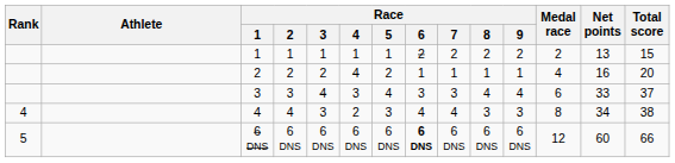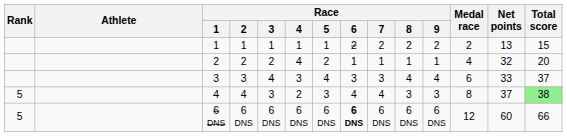 <table | class="wikitable Sortable" style="text-align:center">
 <tr>
 <th rowspan="2" width=40>Rank</th>
 <th rowspan="2" width=250>Athlete</th>
 <th colspan="9">Race</th>
 <th rowspan="2" width=50>Medal race</th>
 <th rowspan="2" width=50>Net points</th>
 <th rowspan="2" width=50>Total score</th>
 </tr>
 <tr>
 <th width=35>1</th>
 <th width=35>2</th>
 <th width=35>3</th>
 <th width=35>4</th>
 <th width=35>5</th>
 <th width=35>6</th>
 <th width=35>7</th>
 <th width=35>8</th>
 <th width=35>9</th>
 </tr>
 <tr>
 <td></td>
 <td align=left></td>
 <td>1</td>
 <td>1</td>
 <td>1</td>
 <td>1</td>
 <td>1</td>
 <td><s>2</s></td>
 <td>2</td>
 <td>2</td>
 <td>2</td>
 <td>2</td>
 <td>13</td>
 <td>15</td>
 </tr>
 <tr>
 <td></td>
 <td align=left></td>
 <td>2</td>
 <td>2</td>
 <td>2</td>
 <td><s>4</s></td>
 <td>2</td>
 <td>1</td>
 <td>1</td>
 <td>1</td>
 <td>1</td>
 <td>4</td>
-<td>16</td>
+<td>32</td>
 <td>20</td>
 </tr>
 <tr>
 <td></td>
 <td align=left></td>
 <td>3</td>
 <td>3</td>
 <td><s>4</s></td>
 <td>3</td>
 <td>4</td>
 <td>3</td>
 <td>3</td>
 <td>4</td>
 <td>4</td>
 <td>6</td>
 <td>33</td>
 <td>37</td>
 </tr>
 <tr>
-<td>4</td>
+<td>5</td>
 <td align=left></td>
 <td><s>4</s></td>
 <td>4</td>
 <td>3</td>
 <td>2</td>
 <td>3</td>
 <td>4</td>
 <td>4</td>
 <td>3</td>
 <td>3</td>
 <td>8</td>
-<td>34</td>
-<td>38</td>
+<td>37</td>
+<td style="background: lightgreen;">38</td>
 </tr>
 <tr>
 <td>5</td>
 <td align=left></td>
 <td><s>6</s><br><s><small>DNS</small></s></td>
 <td>6<br><small>DNS</small></td>
 <td>6<br><small>DNS</small></td>
 <td>6<br><small>DNS</small></td>
 <td>6<br><small>DNS</small></td>
 <td><strong>6<br><small>DNS</small></strong></td>
 <td>6<br><small>DNS</small></td>
 <td>6<br><small>DNS</small></td>
 <td>6<br><small>DNS</small></td>
 <td>12</td>
 <td>60</td>
 <td>66</td>
 </tr>
 </table>
